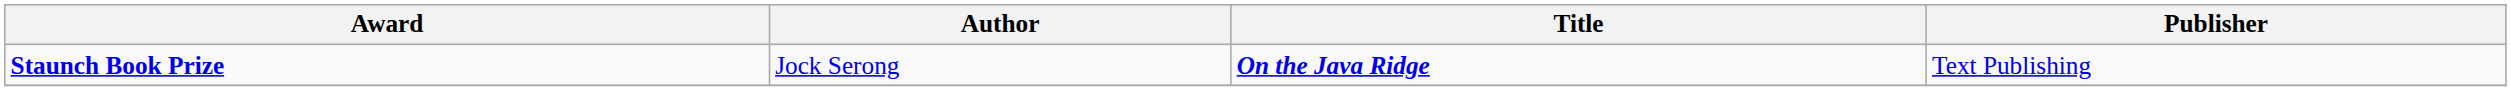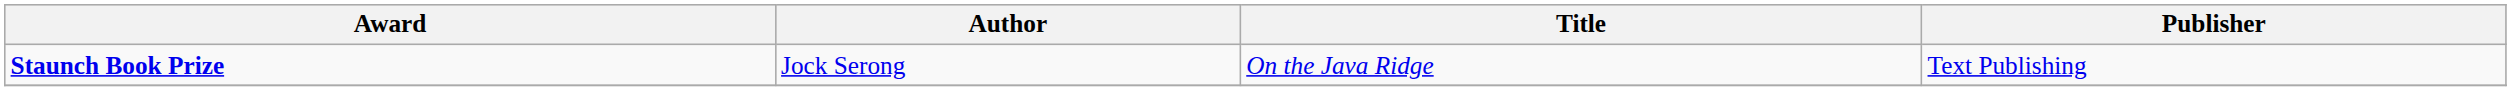 <table class="wikitable" width=100%>
 <tr>
 <th>Award</th>
 <th>Author</th>
 <th>Title</th>
 <th>Publisher</th>
 </tr>
 <tr>
 <td><strong><a href='#'>Staunch Book Prize</a></strong></td>
 <td><a href='#'>Jock Serong</a></td>
-<td><strong><em><a href='#'>On the Java Ridge</a></em></strong></td>
+<td><em><a href='#'>On the Java Ridge</a></em></td>
 <td><a href='#'>Text Publishing</a></td>
 </tr>
 <tr>
 </tr>
 </table>
